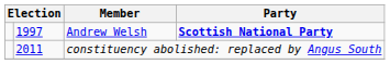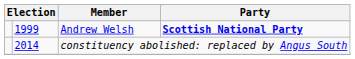 <table class="wikitable">
 <tr>
 <th colspan="2">Election</th>
 <th>Member</th>
 <th>Party</th>
 </tr>
 <tr>
 <td style="background-color: "></td>
-<td><a href='#'>1997</a></td>
+<td><a href='#'>1999</a></td>
 <td><a href='#'>Andrew Welsh</a></td>
 <td><strong><a href='#'>Scottish National Party</a></strong></td>
 </tr>
 <tr>
 <td style="background-color:"></td>
-<td><a href='#'>2011</a></td>
+<td><a href='#'>2014</a></td>
 <td colspan="3"><em>constituency abolished: replaced by <a href='#'>Angus South</a></em></td>
 </tr>
 <tr>
 </tr>
 </table>
